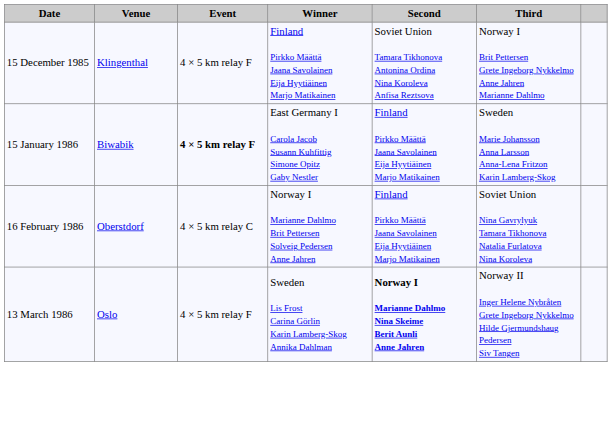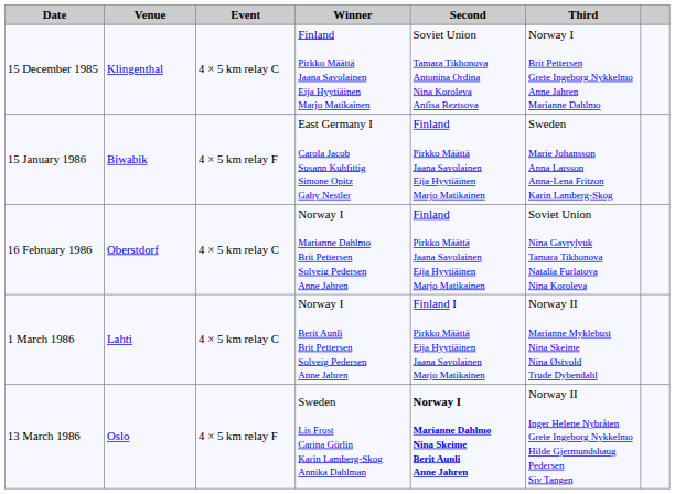 <table bgcolor="#f7f8ff" cellpadding="3" cellspacing="0" border="1" style="font-size: 95%; border: gray solid 1px; border-collapse: collapse;">
 <tr bgcolor="#CCCCCC">
 <td align="center" width="120"><strong>Date</strong></td>
 <td align="center" width="110"><strong>Venue</strong></td>
 <td align="center" width="120"><strong>Event</strong></td>
 <td align="center" width="140"><strong>Winner</strong></td>
 <td align="center" width="140"><strong>Second</strong></td>
 <td align="center" width="140"><strong>Third</strong></td>
 <td align="center" width="30"></td>
 </tr>
 <tr align="left">
 <td>15 December 1985</td>
 <td> <a href='#'>Klingenthal</a></td>
-<td>4 × 5 km relay F</td>
+<td>4 × 5 km relay C</td>
 <td> <a href='#'>Finland</a><br><br><small><a href='#'>Pirkko Määttä</a></small><br> <small><a href='#'>Jaana Savolainen</a></small><br> <small><a href='#'>Eija Hyytiäinen</a></small><br> <small><a href='#'>Marjo Matikainen</a></small></td>
 <td> Soviet Union<br><br><small><a href='#'>Tamara Tikhonova</a></small><br> <small><a href='#'>Antonina Ordina</a></small><br> <small><a href='#'>Nina Koroleva</a></small><br> <small><a href='#'>Anfisa Reztsova</a></small></td>
 <td> Norway I<br><br><small><a href='#'>Brit Pettersen</a></small><br> <small><a href='#'>Grete Ingeborg Nykkelmo</a></small><br> <small><a href='#'>Anne Jahren</a></small><br> <small><a href='#'>Marianne Dahlmo</a></small></td>
 <td></td>
 </tr>
 <tr align="left">
 <td>15 January 1986</td>
 <td> <a href='#'>Biwabik</a></td>
-<td><strong>4 × 5 km relay F</strong></td>
+<td>4 × 5 km relay F</td>
 <td> East Germany I<br><br><small><a href='#'>Carola Jacob</a></small><br> <small><a href='#'>Susann Kuhfittig</a></small><br> <small><a href='#'>Simone Opitz</a></small><br> <small><a href='#'>Gaby Nestler</a></small></td>
 <td> <a href='#'>Finland</a><br><br><small><a href='#'>Pirkko Määttä</a></small><br> <small><a href='#'>Jaana Savolainen</a></small><br> <small><a href='#'>Eija Hyytiäinen</a></small><br> <small><a href='#'>Marjo Matikainen</a></small></td>
 <td> Sweden<br><br><small><a href='#'>Marie Johansson</a></small><br> <small><a href='#'>Anna Larsson</a></small><br> <small><a href='#'>Anna-Lena Fritzon</a></small><br> <small><a href='#'>Karin Lamberg-Skog</a></small></td>
 <td></td>
 </tr>
 <tr align="left">
 <td>16 February 1986</td>
 <td> <a href='#'>Oberstdorf</a></td>
 <td>4 × 5 km relay C</td>
 <td> Norway I<br><br><small><a href='#'>Marianne Dahlmo</a></small><br> <small><a href='#'>Brit Pettersen</a></small><br> <small><a href='#'>Solveig Pedersen</a></small><br> <small><a href='#'>Anne Jahren</a></small></td>
 <td> <a href='#'>Finland</a><br><br><small><a href='#'>Pirkko Määttä</a></small><br> <small><a href='#'>Jaana Savolainen</a></small><br> <small><a href='#'>Eija Hyytiäinen</a></small><br> <small><a href='#'>Marjo Matikainen</a></small></td>
 <td> Soviet Union<br><br><small><a href='#'>Nina Gavrylyuk</a></small><br> <small><a href='#'>Tamara Tikhonova</a></small><br> <small><a href='#'>Natalia Furlatova</a></small><br> <small><a href='#'>Nina Koroleva</a></small></td>
 <td></td>
 </tr>
 <tr align="left">
+<td>1 March 1986</td>
+<td> <a href='#'>Lahti</a></td>
+<td>4 × 5 km relay C</td>
+<td> Norway I<br><br><small><a href='#'>Berit Aunli</a></small><br> <small><a href='#'>Brit Pettersen</a></small><br> <small><a href='#'>Solveig Pedersen</a></small><br> <small><a href='#'>Anne Jahren</a></small></td>
+<td> <a href='#'>Finland</a> I<br><br><small><a href='#'>Pirkko Määttä</a></small><br> <small><a href='#'>Eija Hyytiäinen</a></small><br> <small><a href='#'>Jaana Savolainen</a></small><br> <small><a href='#'>Marjo Matikainen</a></small></td>
+<td> Norway II<br><br><small><a href='#'>Marianne Myklebust</a></small><br> <small><a href='#'>Nina Skeime</a></small><br> <small><a href='#'>Nina Østvold</a></small><br> <small><a href='#'>Trude Dybendahl</a></small></td>
+<td></td>
+</tr>
+<tr align="left">
 <td>13 March 1986</td>
 <td> <a href='#'>Oslo</a></td>
 <td>4 × 5 km relay F</td>
 <td> Sweden<br><br><small><a href='#'>Lis Frost</a></small><br> <small><a href='#'>Carina Görlin</a></small><br> <small><a href='#'>Karin Lamberg-Skog</a></small><br> <small><a href='#'>Annika Dahlman</a></small></td>
 <td><strong> Norway I<br><br><small><a href='#'>Marianne Dahlmo</a></small><br> <small><a href='#'>Nina Skeime</a></small><br> <small><a href='#'>Berit Aunli</a></small><br> <small><a href='#'>Anne Jahren</a></small></strong></td>
 <td> Norway II<br><br><small><a href='#'>Inger Helene Nybråten</a></small><br> <small><a href='#'>Grete Ingeborg Nykkelmo</a></small><br> <small><a href='#'>Hilde Gjermundshaug Pedersen</a></small><br> <small><a href='#'>Siv Tangen</a></small></td>
 <td></td>
 </tr>
 </table>
